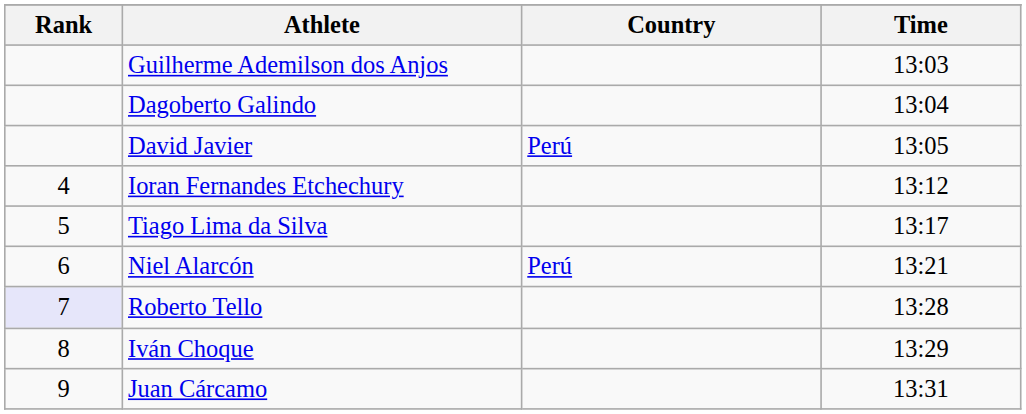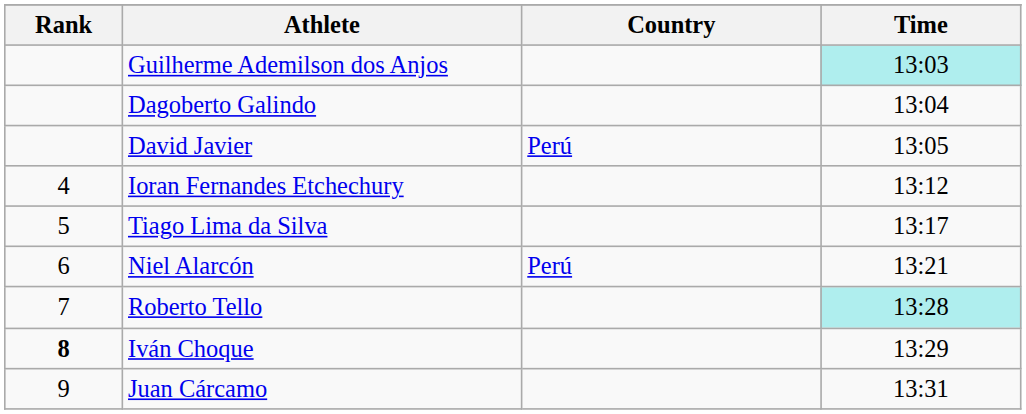 <table class="wikitable sortable" style=" text-align:center; font-size:95%;" width="50%">
 <tr>
 </tr>
 <tr>
 <th width=5%>Rank</th>
 <th width=20%>Athlete</th>
 <th width=15%>Country</th>
 <th width=10%>Time</th>
 </tr>
 <tr>
 <td align=center></td>
 <td align=left><a href='#'>Guilherme Ademilson dos Anjos</a></td>
 <td align=left></td>
-<td>13:03</td>
+<td style="background: paleturquoise;">13:03</td>
 </tr>
 <tr>
 <td align=center></td>
 <td align=left><a href='#'>Dagoberto Galindo</a></td>
 <td align=left></td>
 <td>13:04</td>
 </tr>
 <tr>
 <td align=center></td>
 <td align=left><a href='#'>David Javier</a></td>
 <td align=left> <a href='#'>Perú</a></td>
 <td>13:05</td>
 </tr>
 <tr>
 <td align=center>4</td>
 <td align=left><a href='#'>Ioran Fernandes Etchechury</a></td>
 <td align=left></td>
 <td>13:12</td>
 </tr>
 <tr>
 <td align=center>5</td>
 <td align=left><a href='#'>Tiago Lima da Silva</a></td>
 <td align=left></td>
 <td>13:17</td>
 </tr>
 <tr>
 <td align=center>6</td>
 <td align=left><a href='#'>Niel Alarcón</a></td>
 <td align=left> <a href='#'>Perú</a></td>
 <td>13:21</td>
 </tr>
 <tr>
-<td align=center style="background: lavender;">7</td>
+<td align=center>7</td>
 <td align=left><a href='#'>Roberto Tello</a></td>
 <td align=left></td>
-<td>13:28</td>
+<td style="background: paleturquoise;">13:28</td>
 </tr>
 <tr>
-<td align=center>8</td>
+<td align=center><strong>8</strong></td>
 <td align=left><a href='#'>Iván Choque</a></td>
 <td align=left></td>
 <td>13:29</td>
 </tr>
 <tr>
 <td align=center>9</td>
 <td align=left><a href='#'>Juan Cárcamo</a></td>
 <td align=left></td>
 <td>13:31</td>
 </tr>
 </table>
